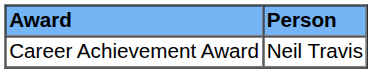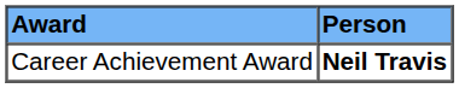 <table border="1" cellpadding="2" cellspacing="0" bgcolor="#000000">
 <tr>
 <td bgcolor="#75B5F6"><strong>Award</strong></td>
 <td bgcolor="#75B5F6"><strong>Person</strong></td>
 </tr>
 <tr>
 <td bgcolor="#ffffff">Career Achievement Award</td>
-<td bgcolor="#ffffff">Neil Travis</td>
+<td bgcolor="#ffffff"><strong>Neil Travis</strong></td>
 </tr>
 </table>
